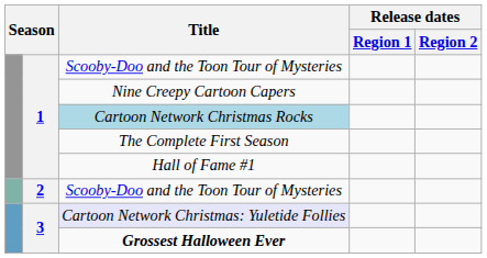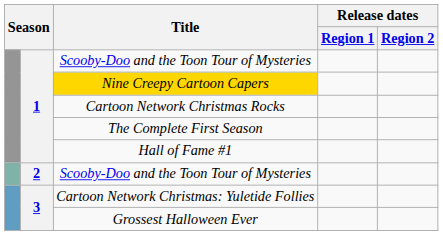 <table class="wikitable sortable" style="text-align: center">
 <tr>
 <th colspan=2 rowspan=2>Season</th>
 <th rowspan=2>Title</th>
 <th colspan=3>Release dates</th>
 </tr>
 <tr>
 <th><a href='#'>Region 1</a></th>
 <th><a href='#'>Region 2</a></th>
 </tr>
 <tr>
 <th rowspan=5 style="background:#959595"></th>
 <th rowspan=5><a href='#'>1</a></th>
 <td><em><a href='#'>Scooby-Doo</a> and the Toon Tour of Mysteries</em></td>
 <td></td>
 <td></td>
 </tr>
 <tr>
-<td><em>Nine Creepy Cartoon Capers</em></td>
+<td style="background: gold;"><em>Nine Creepy Cartoon Capers</em></td>
 <td></td>
 <td></td>
 </tr>
 <tr>
-<td style="background: lightblue;"><em>Cartoon Network Christmas Rocks</em></td>
+<td><em>Cartoon Network Christmas Rocks</em></td>
 <td></td>
 <td></td>
 </tr>
 <tr>
 <td><em>The Complete First Season</em></td>
 <td></td>
 <td></td>
 </tr>
 <tr>
 <td><em>Hall of Fame #1</em></td>
 <td></td>
 <td></td>
 </tr>
 <tr>
 <th style="background:#7FB3A8"></th>
 <th><a href='#'>2</a></th>
 <td><em><a href='#'>Scooby-Doo</a> and the Toon Tour of Mysteries</em></td>
 <td></td>
 <td></td>
 </tr>
 <tr>
 <th rowspan=2 style="background:#5F9DC3"></th>
 <th rowspan=2><a href='#'>3</a></th>
-<td style="background: lavender;"><em>Cartoon Network Christmas: Yuletide Follies</em></td>
+<td><em>Cartoon Network Christmas: Yuletide Follies</em></td>
 <td></td>
 <td></td>
 </tr>
 <tr>
-<td><strong><em>Grossest Halloween Ever</em></strong></td>
+<td><em>Grossest Halloween Ever</em></td>
 <td></td>
 <td></td>
 </tr>
 </table>
